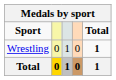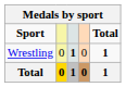 <table class=wikitable style="font-size:85%">
 <tr bgcolor=efefef>
 <th colspan=5><strong>Medals by sport</strong></th>
 </tr>
 <tr align=center>
 <td><strong>Sport</strong></td>
 <td bgcolor=#f7f6a8></td>
 <td bgcolor=#dce5e5></td>
 <td bgcolor=#ffdab9></td>
 <td><strong>Total</strong></td>
 </tr>
 <tr align=center>
 <td><a href='#'>Wrestling</a></td>
 <td bgcolor=F7F6A8>0</td>
-<td bgcolor=DCE5E5>1</td>
+<td bgcolor=DCE5E5><strong>1</strong></td>
 <td bgcolor=FFDAB9>0</td>
 <td><strong>1</strong></td>
 </tr>
 <tr align=center>
 <th><strong>Total</strong></th>
 <th style="background:gold"><strong>0</strong></th>
 <th style="background:silver"><strong>1</strong></th>
 <th style="background:#c96"><strong>0</strong></th>
 <th><strong>1</strong></th>
 </tr>
 </table>
